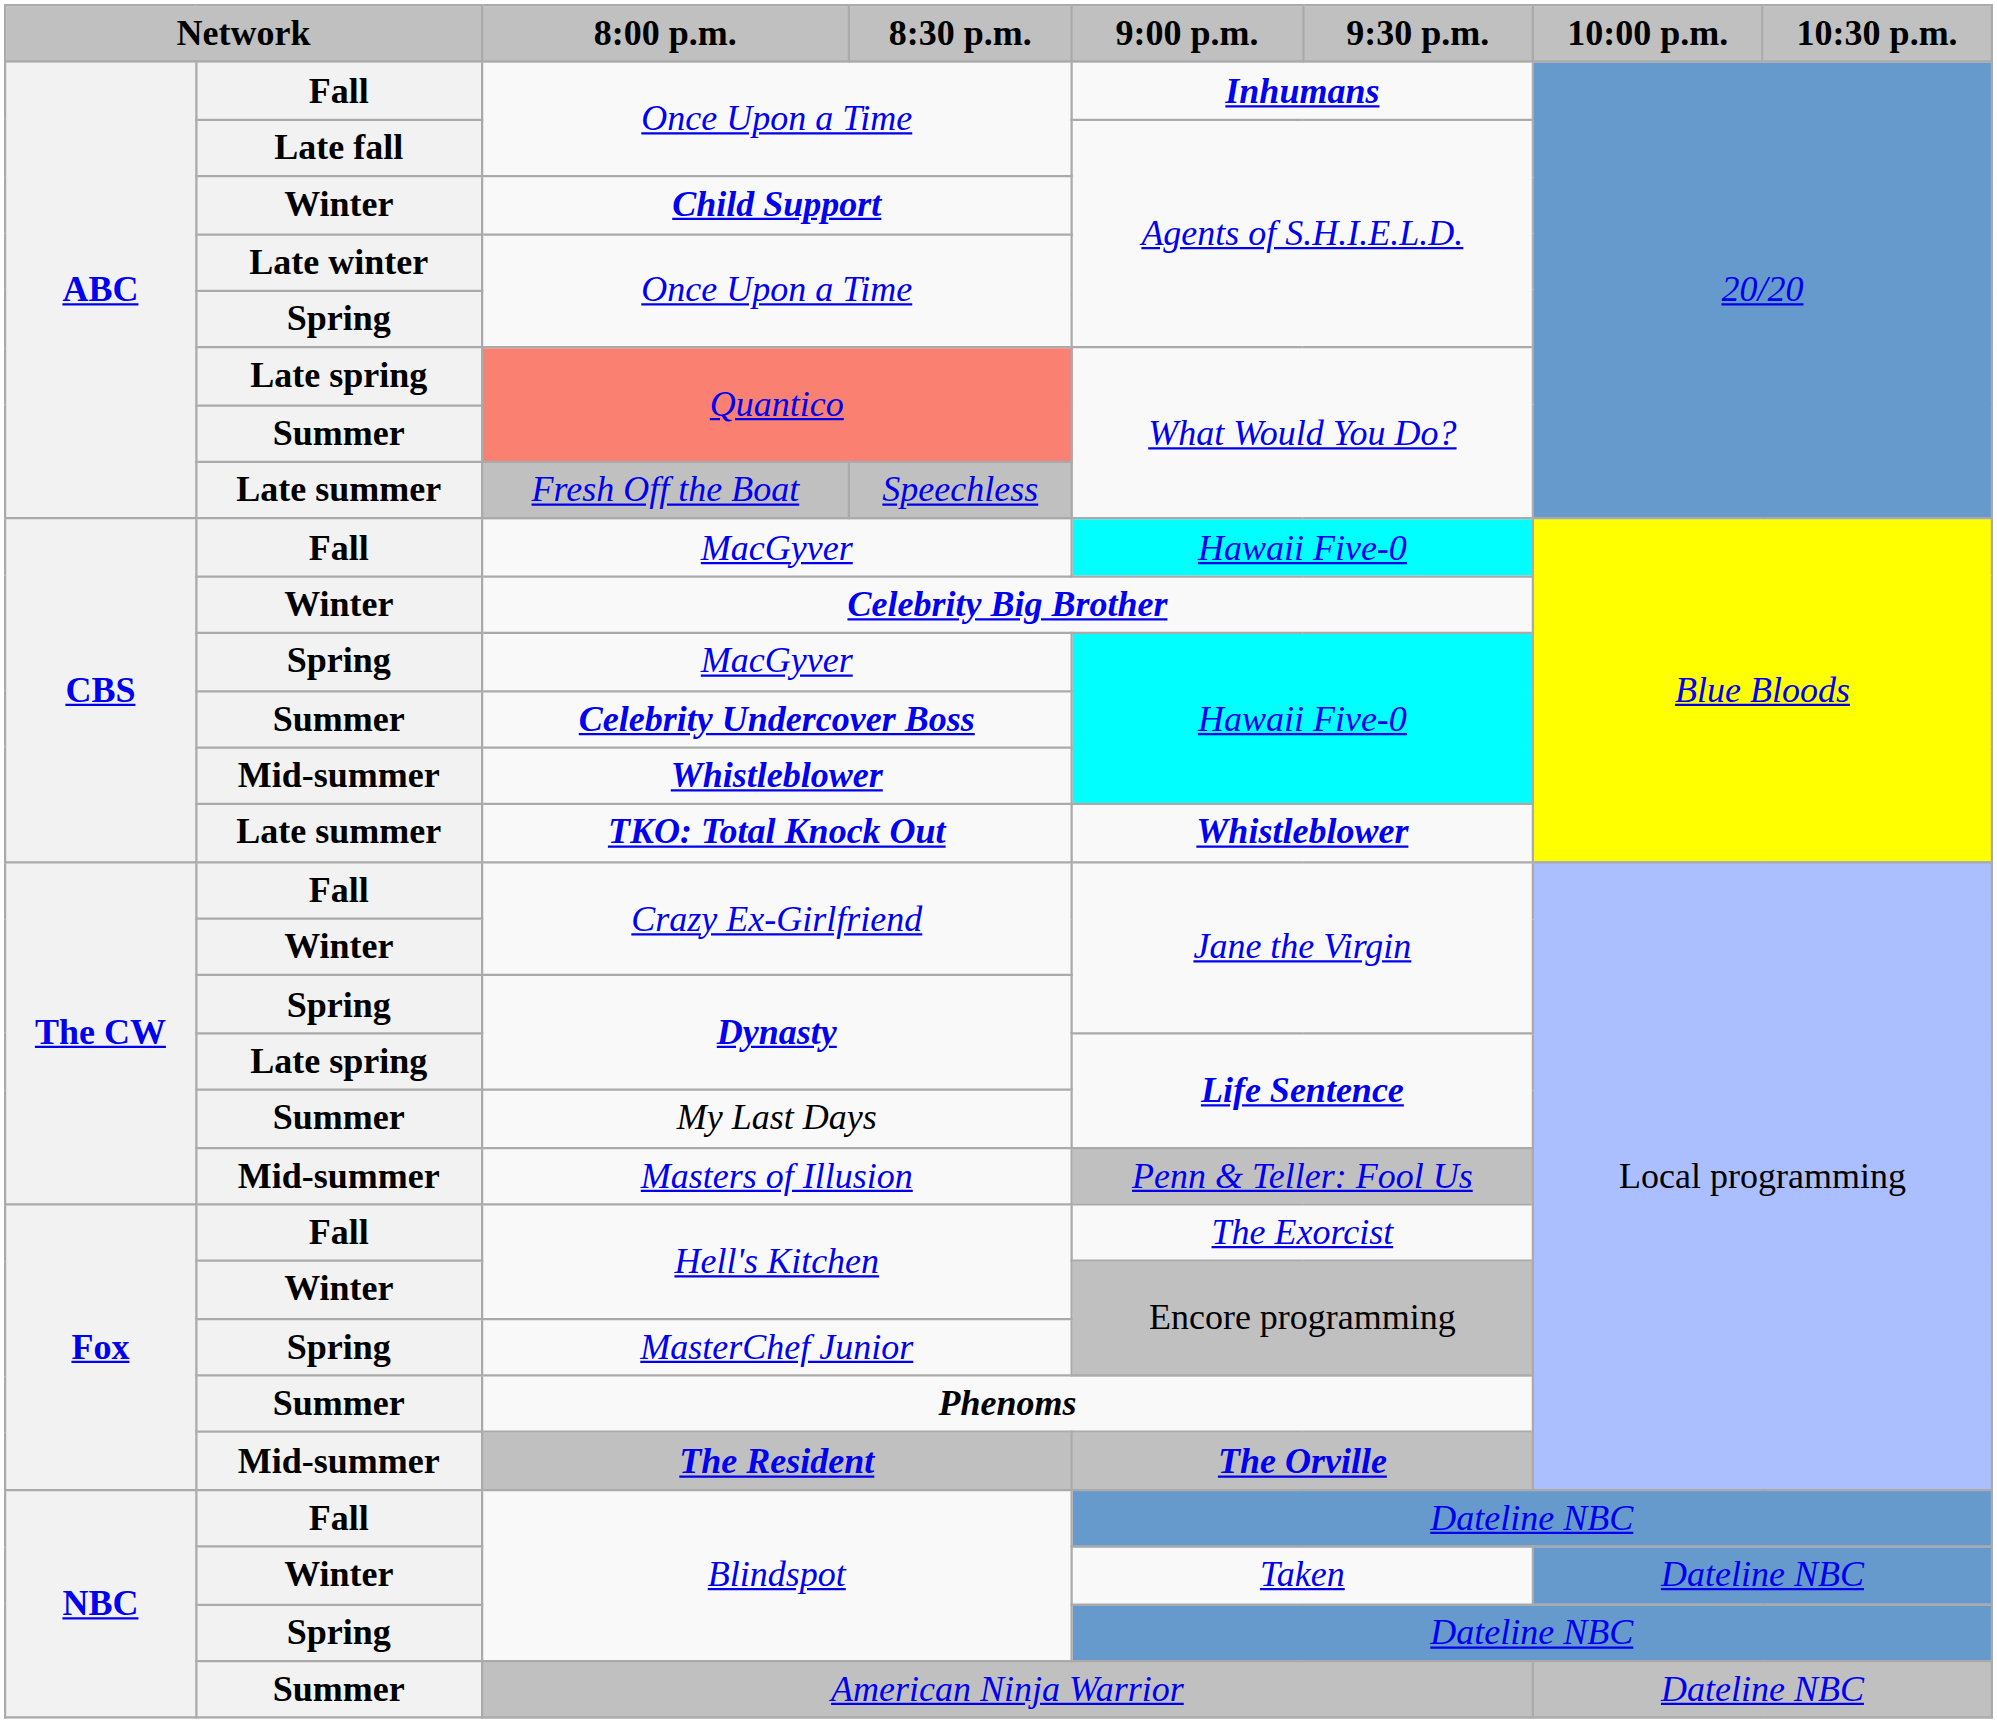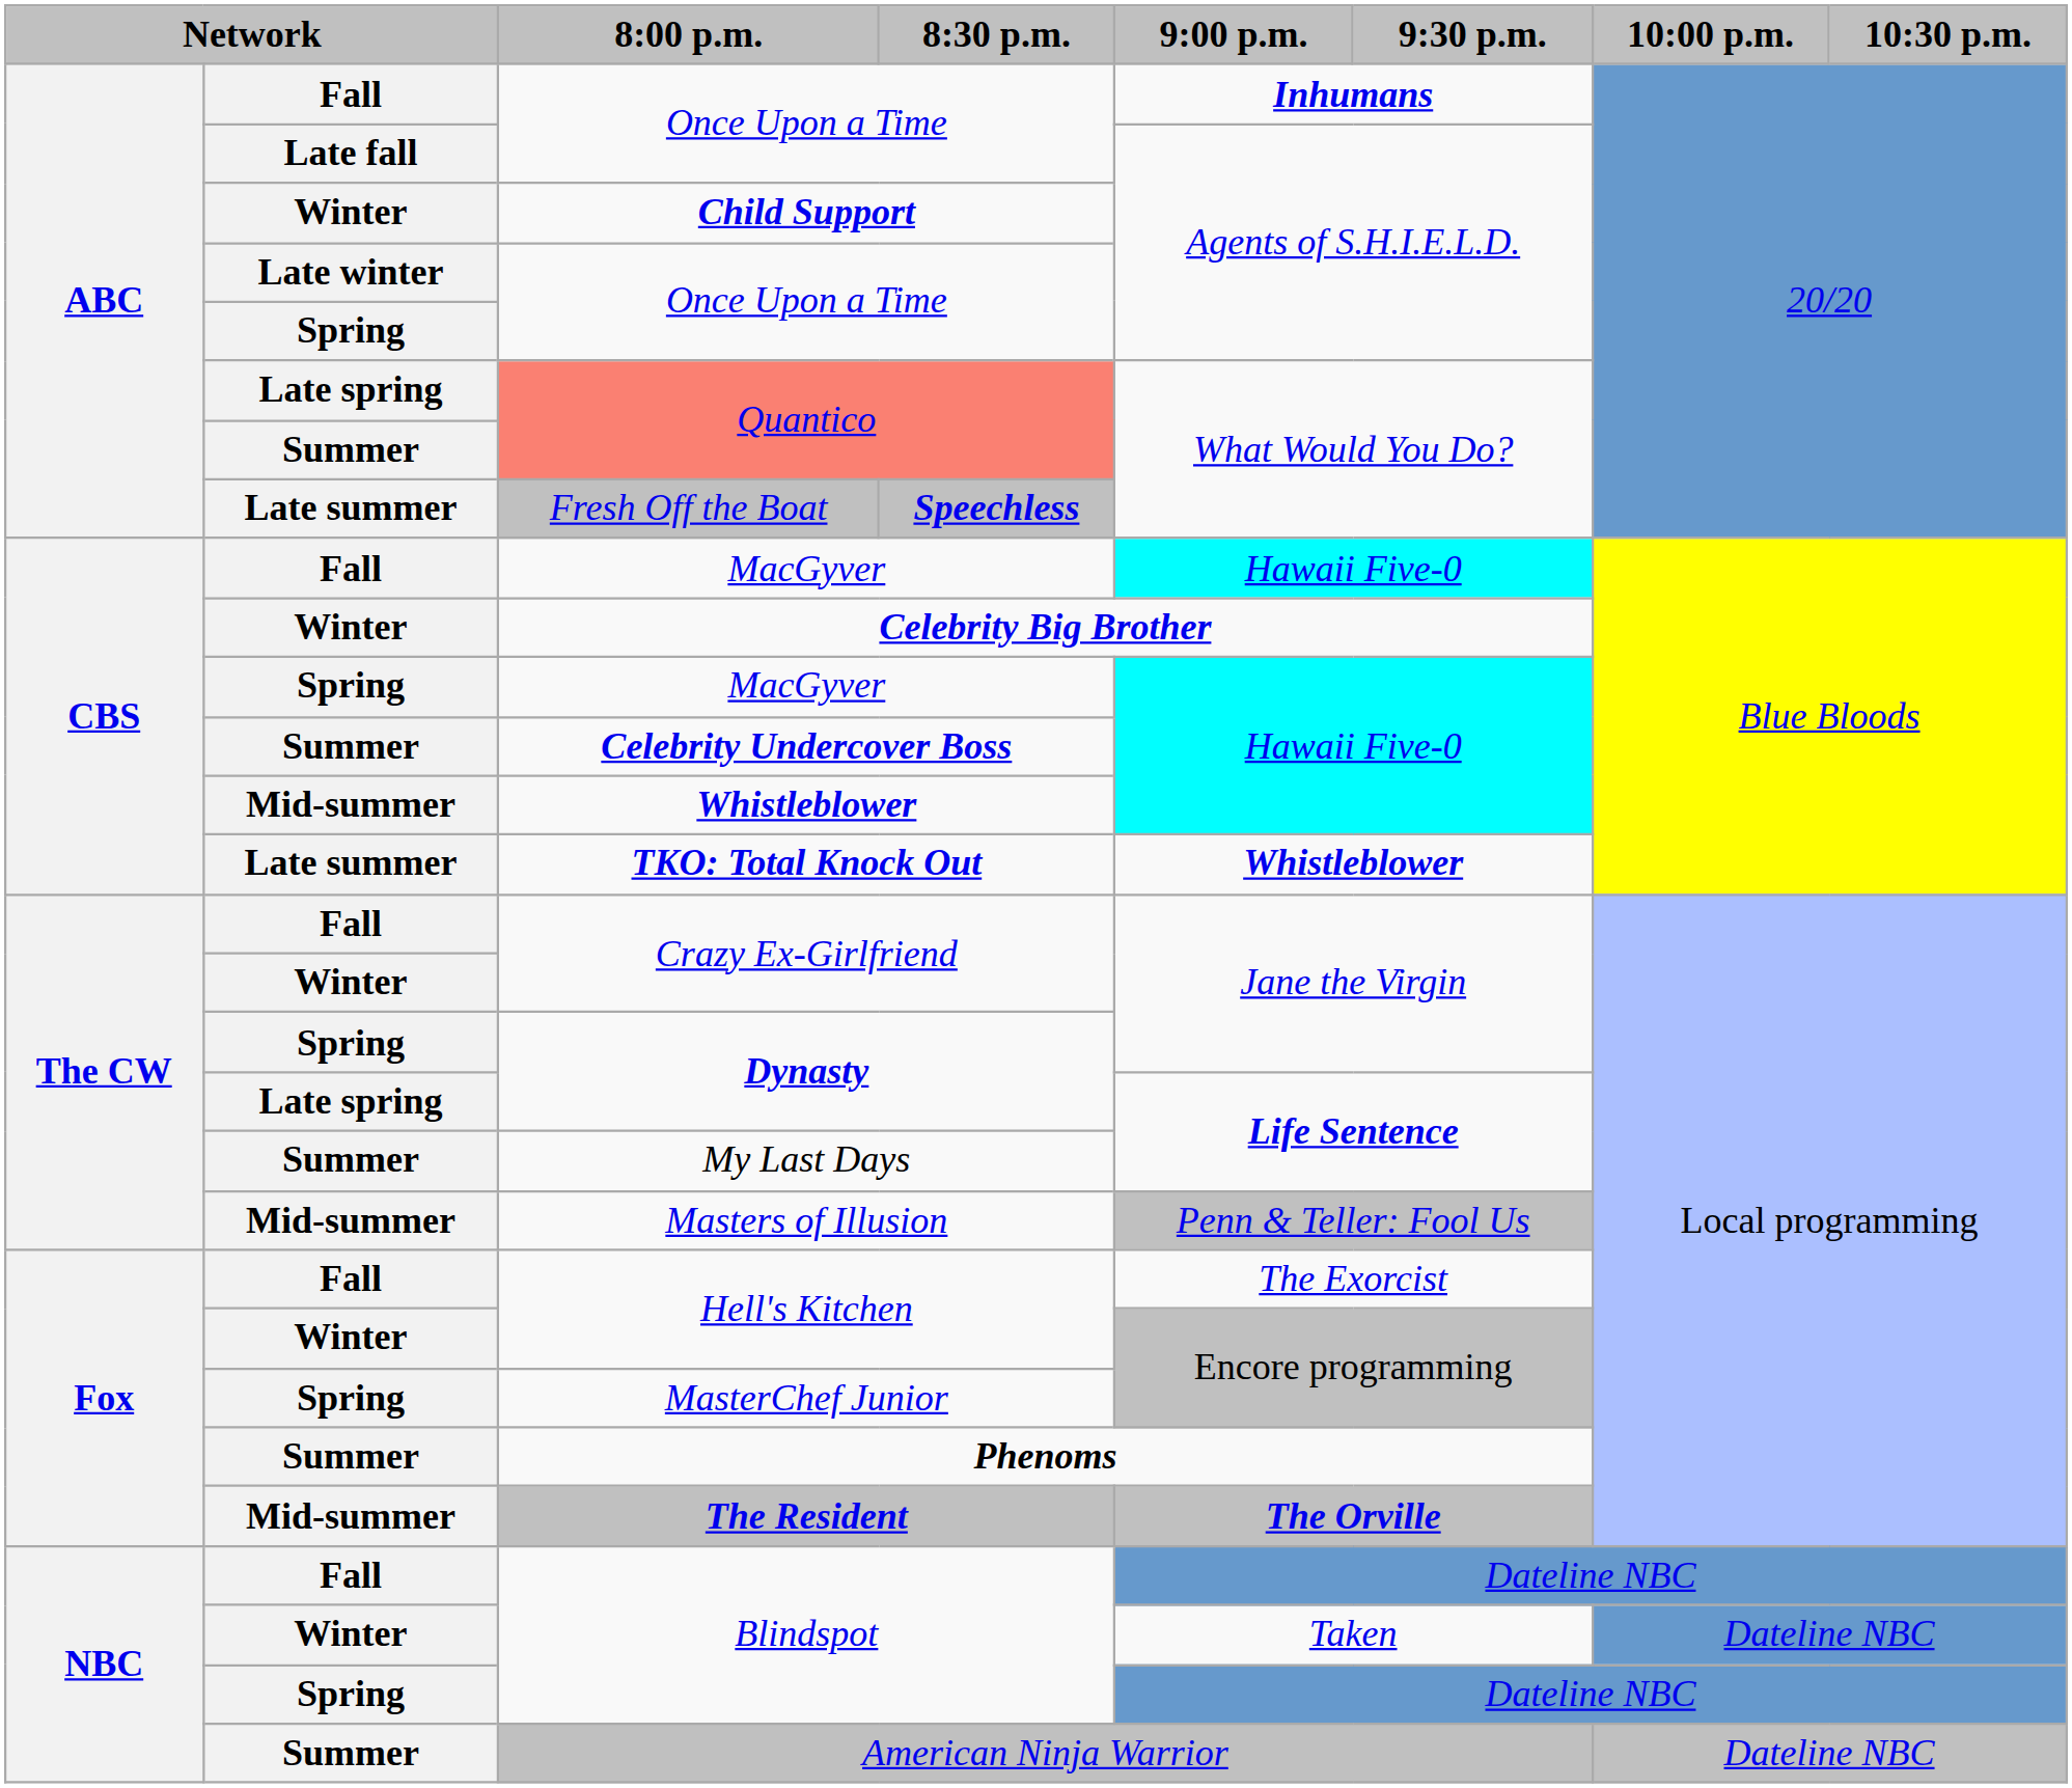 <table class="wikitable" style="width:100%;margin-right:0;text-align:center">
 <tr>
 <th colspan="2" style="background-color:#C0C0C0;text-align:center">Network</th>
 <th style="background-color:#C0C0C0;text-align:center">8:00 p.m.</th>
 <th style="background-color:#C0C0C0;text-align:center">8:30 p.m.</th>
 <th style="background-color:#C0C0C0;text-align:center">9:00 p.m.</th>
 <th style="background-color:#C0C0C0;text-align:center">9:30 p.m.</th>
 <th style="background-color:#C0C0C0;text-align:center">10:00 p.m.</th>
 <th style="background-color:#C0C0C0;text-align:center">10:30 p.m.</th>
 </tr>
 <tr>
 <th rowspan="8"><a href='#'>ABC</a></th>
 <th>Fall</th>
 <td rowspan="2" colspan="2"><em><a href='#'>Once Upon a Time</a></em></td>
 <td colspan="2"><strong><em><a href='#'>Inhumans</a></em></strong></td>
 <td rowspan="8" colspan="2" style="background:#69c;"><em><a href='#'>20/20</a></em></td>
 </tr>
 <tr>
 <th>Late fall</th>
 <td rowspan="4" colspan="2"><em><a href='#'>Agents of S.H.I.E.L.D.</a></em></td>
 </tr>
 <tr>
 <th>Winter</th>
 <td colspan="2"><strong><em><a href='#'>Child Support</a></em></strong></td>
 </tr>
 <tr>
 <th>Late winter</th>
 <td rowspan="2" colspan="2"><em><a href='#'>Once Upon a Time</a></em></td>
 </tr>
 <tr>
 <th>Spring</th>
 </tr>
 <tr>
 <th>Late spring</th>
 <td rowspan="2" colspan="2" style="background:salmon;"><em><a href='#'>Quantico</a></em></td>
 <td rowspan="3" colspan="2"><em><a href='#'>What Would You Do?</a></em></td>
 </tr>
 <tr>
 <th>Summer</th>
 </tr>
 <tr>
 <th>Late summer</th>
 <td style="background:#C0C0C0;"><em><a href='#'>Fresh Off the Boat</a></em> </td>
-<td style="background:#C0C0C0;"><em><a href='#'>Speechless</a></em> </td>
+<td style="background:#C0C0C0;"><strong><em><a href='#'>Speechless</a></em> </strong></td>
 </tr>
 <tr>
 <th rowspan="6"><a href='#'>CBS</a></th>
 <th>Fall</th>
 <td colspan="2"><em><a href='#'>MacGyver</a></em></td>
 <td colspan="2" style="background:#00FFFF;"><em><a href='#'>Hawaii Five-0</a></em> </td>
 <td rowspan="6" colspan="2" style="background:#FFFF00;"><em><a href='#'>Blue Bloods</a></em> </td>
 </tr>
 <tr>
 <th>Winter</th>
 <td colspan="4"><strong><em><a href='#'>Celebrity Big Brother</a></em></strong></td>
 </tr>
 <tr>
 <th>Spring</th>
 <td colspan="2"><em><a href='#'>MacGyver</a></em></td>
 <td rowspan="3" colspan="2" style="background:#00FFFF;"><em><a href='#'>Hawaii Five-0</a></em> </td>
 </tr>
 <tr>
 <th>Summer</th>
 <td colspan="2"><strong><em><a href='#'>Celebrity Undercover Boss</a></em></strong></td>
 </tr>
 <tr>
 <th>Mid-summer</th>
 <td colspan="2"><strong><em><a href='#'>Whistleblower</a></em></strong></td>
 </tr>
 <tr>
 <th>Late summer</th>
 <td colspan="2"><strong><em><a href='#'>TKO: Total Knock Out</a></em></strong></td>
 <td colspan="2"><strong><em><a href='#'>Whistleblower</a></em></strong></td>
 </tr>
 <tr>
 <th rowspan="6"><a href='#'>The CW</a></th>
 <th>Fall</th>
 <td rowspan="2" colspan="2"><em><a href='#'>Crazy Ex-Girlfriend</a></em></td>
 <td rowspan="3" colspan="2"><em><a href='#'>Jane the Virgin</a></em></td>
 <td rowspan="11" colspan="2" style="background:#abbfff;">Local programming</td>
 </tr>
 <tr>
 <th>Winter</th>
 </tr>
 <tr>
 <th>Spring</th>
 <td rowspan="2" colspan="2"><strong><em><a href='#'>Dynasty</a></em></strong></td>
 </tr>
 <tr>
 <th>Late spring</th>
 <td rowspan="2" colspan="2"><strong><em><a href='#'>Life Sentence</a></em></strong></td>
 </tr>
 <tr>
 <th>Summer</th>
 <td colspan="2"><em>My Last Days</em></td>
 </tr>
 <tr>
 <th>Mid-summer</th>
 <td colspan="2"><em><a href='#'>Masters of Illusion</a></em></td>
 <td style="background:#C0C0C0;" colspan="2"><em><a href='#'>Penn & Teller: Fool Us</a></em> </td>
 </tr>
 <tr>
 <th rowspan="5"><a href='#'>Fox</a></th>
 <th>Fall</th>
 <td rowspan="2" colspan="2"><em><a href='#'>Hell's Kitchen</a></em></td>
 <td colspan="2"><em><a href='#'>The Exorcist</a></em></td>
 </tr>
 <tr>
 <th>Winter</th>
 <td style="background:#C0C0C0;" rowspan="2" colspan="2">Encore programming</td>
 </tr>
 <tr>
 <th>Spring</th>
 <td colspan="2"><em><a href='#'>MasterChef Junior</a></em></td>
 </tr>
 <tr>
 <th>Summer</th>
 <td colspan="4"><strong><em>Phenoms</em></strong></td>
 </tr>
 <tr>
 <th>Mid-summer</th>
 <td style="background:#C0C0C0;" colspan="2"><strong><em><a href='#'>The Resident</a></em></strong> </td>
 <td style="background:#C0C0C0;" colspan="2"><strong><em><a href='#'>The Orville</a></em></strong> </td>
 </tr>
 <tr>
 <th rowspan="4"><a href='#'>NBC</a></th>
 <th>Fall</th>
 <td rowspan="3" colspan="2"><em><a href='#'>Blindspot</a></em></td>
 <td colspan="4" style="background:#6699CC;"><em><a href='#'>Dateline NBC</a></em></td>
 </tr>
 <tr>
 <th>Winter</th>
 <td colspan="2"><em><a href='#'>Taken</a></em></td>
 <td colspan="2" style="background:#6699CC;"><em><a href='#'>Dateline NBC</a></em></td>
 </tr>
 <tr>
 <th>Spring</th>
 <td colspan="4" style="background:#6699CC;"><em><a href='#'>Dateline NBC</a></em></td>
 </tr>
 <tr>
 <th>Summer</th>
 <td style="background:#C0C0C0;" colspan="4"><em><a href='#'>American Ninja Warrior</a></em> </td>
 <td style="background:#C0C0C0;" colspan="2"><em><a href='#'>Dateline NBC</a></em> </td>
 </tr>
 </table>
